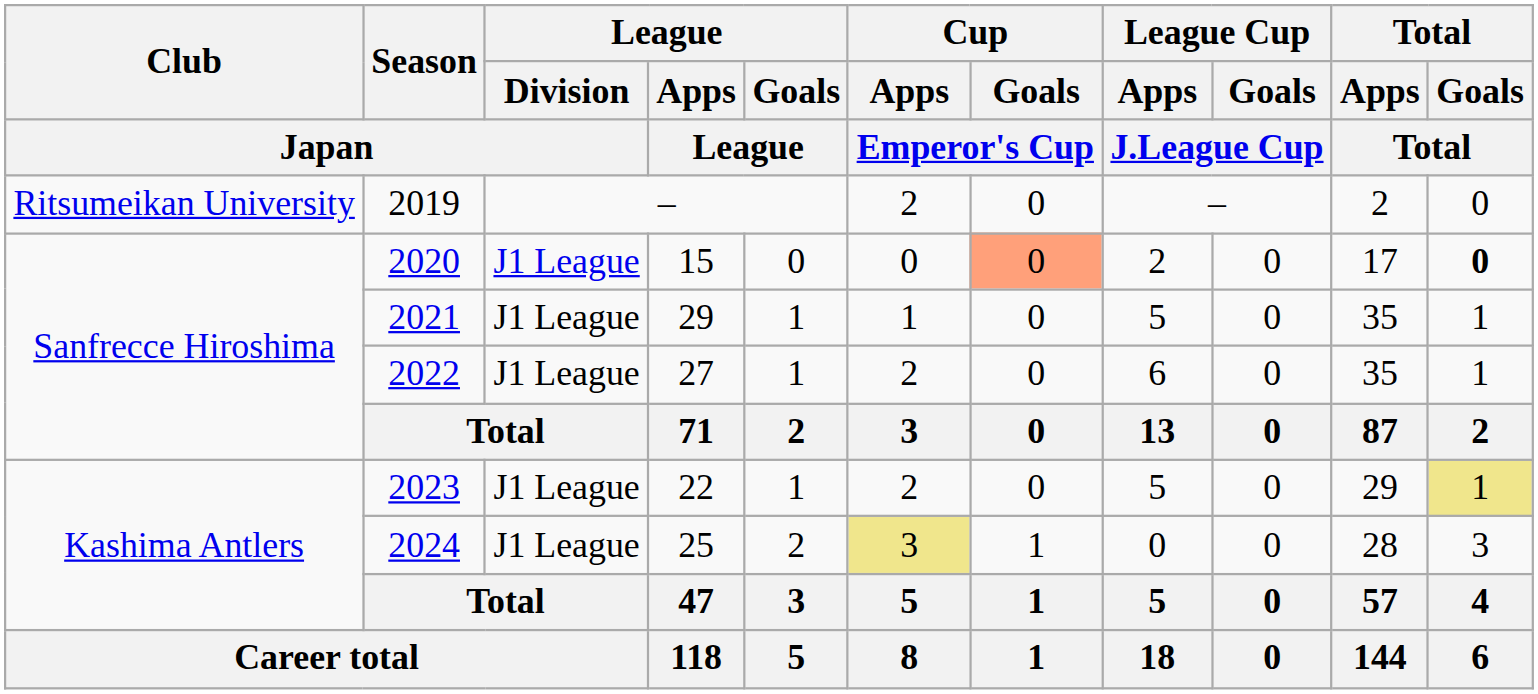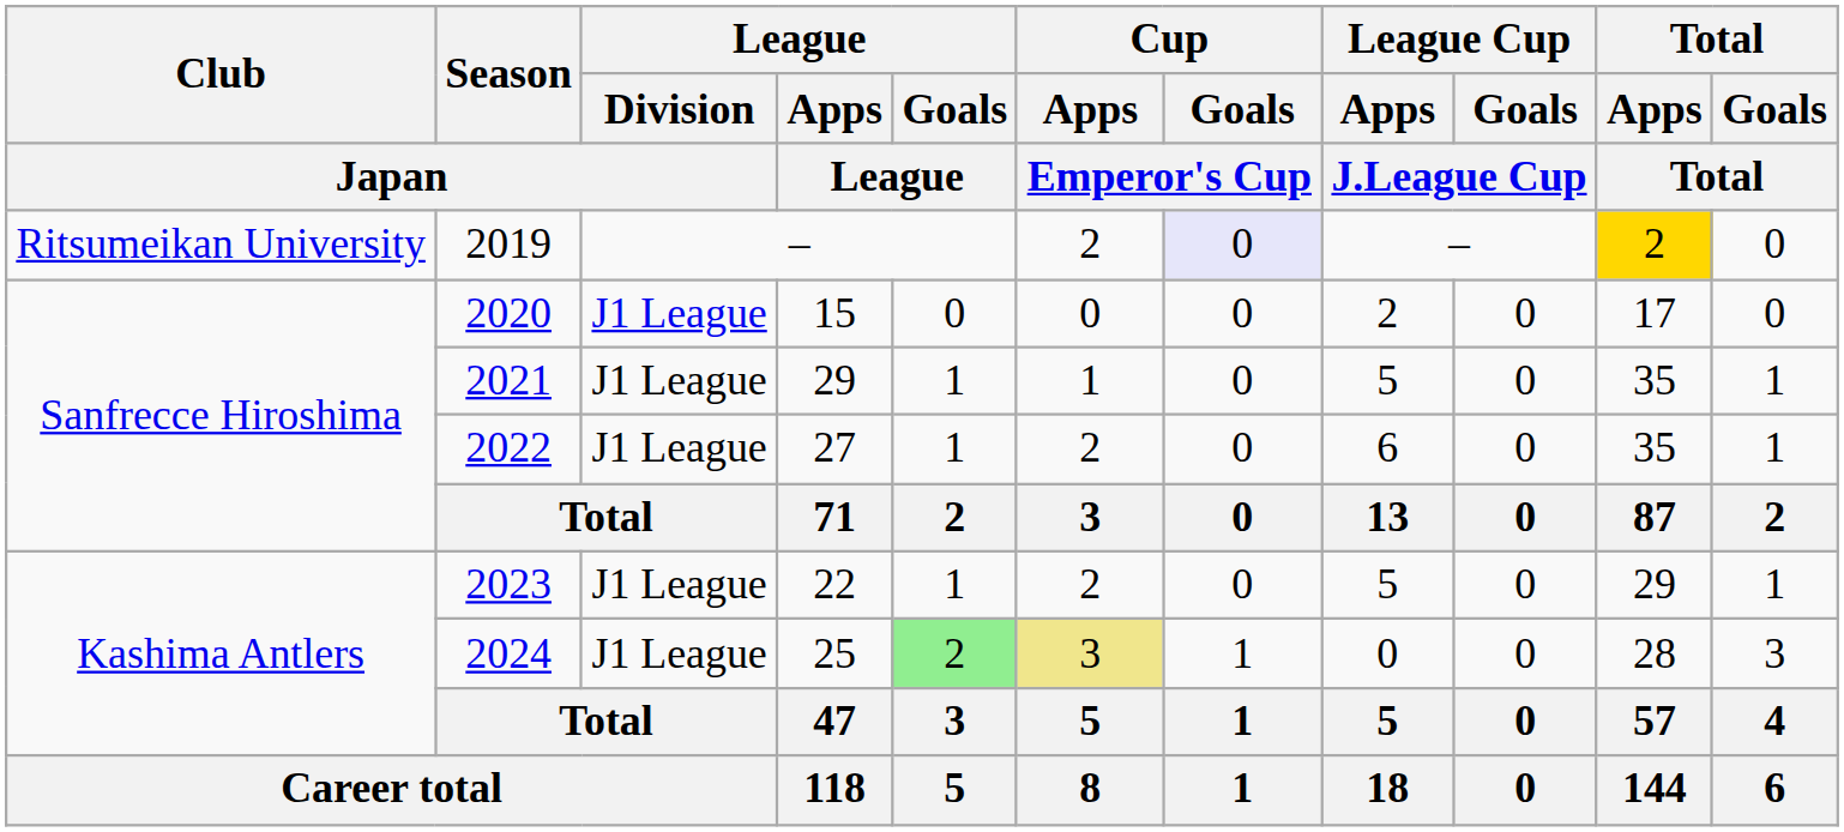 <table class="wikitable" style="text-align:center;">
 <tr>
 <th rowspan=2>Club</th>
 <th rowspan=2>Season</th>
 <th colspan=3>League</th>
 <th colspan=2>Cup</th>
 <th colspan=2>League Cup</th>
 <th colspan=2>Total</th>
 </tr>
 <tr>
 <th>Division</th>
 <th>Apps</th>
 <th>Goals</th>
 <th>Apps</th>
 <th>Goals</th>
 <th>Apps</th>
 <th>Goals</th>
 <th>Apps</th>
 <th>Goals</th>
 </tr>
 <tr>
 <th colspan=3>Japan</th>
 <th colspan=2>League</th>
 <th colspan=2><a href='#'>Emperor's Cup</a></th>
 <th colspan=2><a href='#'>J.League Cup</a></th>
 <th colspan=2>Total</th>
 </tr>
 <tr>
 <td><a href='#'>Ritsumeikan University</a></td>
 <td>2019</td>
 <td colspan="3">–</td>
 <td>2</td>
-<td>0</td>
+<td style="background: lavender;">0</td>
 <td colspan="2">–</td>
-<td>2</td>
+<td style="background: gold;">2</td>
 <td>0</td>
 </tr>
 <tr>
 <td rowspan="4"><a href='#'>Sanfrecce Hiroshima</a></td>
 <td><a href='#'>2020</a></td>
 <td><a href='#'>J1 League</a></td>
 <td>15</td>
 <td>0</td>
 <td>0</td>
-<td style="background: lightsalmon;">0</td>
+<td>0</td>
 <td>2</td>
 <td>0</td>
 <td>17</td>
-<td><strong>0</strong></td>
+<td>0</td>
 </tr>
 <tr>
 <td><a href='#'>2021</a></td>
 <td>J1 League</td>
 <td>29</td>
 <td>1</td>
 <td>1</td>
 <td>0</td>
 <td>5</td>
 <td>0</td>
 <td>35</td>
 <td>1</td>
 </tr>
 <tr>
 <td><a href='#'>2022</a></td>
 <td>J1 League</td>
 <td>27</td>
 <td>1</td>
 <td>2</td>
 <td>0</td>
 <td>6</td>
 <td>0</td>
 <td>35</td>
 <td>1</td>
 </tr>
 <tr>
 <th colspan="2">Total</th>
 <th>71</th>
 <th>2</th>
 <th>3</th>
 <th>0</th>
 <th>13</th>
 <th>0</th>
 <th>87</th>
 <th>2</th>
 </tr>
 <tr>
 <td rowspan="3"><a href='#'>Kashima Antlers</a></td>
 <td><a href='#'>2023</a></td>
 <td>J1 League</td>
 <td>22</td>
 <td>1</td>
 <td>2</td>
 <td>0</td>
 <td>5</td>
 <td>0</td>
 <td>29</td>
-<td style="background: khaki;">1</td>
+<td>1</td>
 </tr>
 <tr>
 <td><a href='#'>2024</a></td>
 <td>J1 League</td>
 <td>25</td>
-<td>2</td>
+<td style="background: lightgreen;">2</td>
 <td style="background: khaki;">3</td>
 <td>1</td>
 <td>0</td>
 <td>0</td>
 <td>28</td>
 <td>3</td>
 </tr>
 <tr>
 <th colspan="2">Total</th>
 <th>47</th>
 <th>3</th>
 <th>5</th>
 <th>1</th>
 <th>5</th>
 <th>0</th>
 <th>57</th>
 <th>4</th>
 </tr>
 <tr>
 <th colspan=3>Career total</th>
 <th>118</th>
 <th>5</th>
 <th>8</th>
 <th>1</th>
 <th>18</th>
 <th>0</th>
 <th>144</th>
 <th>6</th>
 </tr>
 </table>
